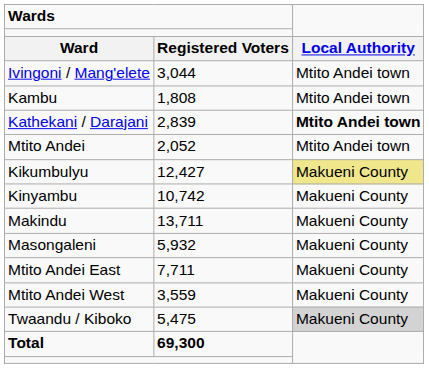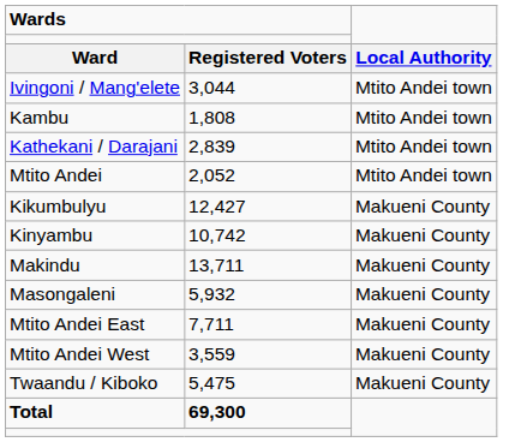 <table class="wikitable">
 <tr>
 <td colspan="2"><strong>Wards</strong></td>
 </tr>
 <tr>
 <td colspan="2"></td>
 </tr>
 <tr>
 <th>Ward</th>
 <th>Registered Voters</th>
 <th><a href='#'>Local Authority</a></th>
 </tr>
 <tr>
 <td><a href='#'>Ivingoni</a> / <a href='#'>Mang'elete</a></td>
 <td>3,044</td>
 <td>Mtito Andei town</td>
 </tr>
 <tr>
 <td>Kambu</td>
 <td>1,808</td>
 <td>Mtito Andei town</td>
 </tr>
 <tr>
 <td><a href='#'>Kathekani</a> / <a href='#'>Darajani</a></td>
 <td>2,839</td>
-<td><strong>Mtito Andei town</strong></td>
+<td>Mtito Andei town</td>
 </tr>
 <tr>
 <td>Mtito Andei</td>
 <td>2,052</td>
 <td>Mtito Andei town</td>
 </tr>
 <tr>
 <td>Kikumbulyu</td>
 <td>12,427</td>
-<td style="background: khaki;">Makueni County</td>
+<td>Makueni County</td>
 </tr>
 <tr>
 <td>Kinyambu</td>
 <td>10,742</td>
 <td>Makueni County</td>
 </tr>
 <tr>
 <td>Makindu</td>
 <td>13,711</td>
 <td>Makueni County</td>
 </tr>
 <tr>
 <td>Masongaleni</td>
 <td>5,932</td>
 <td>Makueni County</td>
 </tr>
 <tr>
 <td>Mtito Andei East</td>
 <td>7,711</td>
 <td>Makueni County</td>
 </tr>
 <tr>
 <td>Mtito Andei West</td>
 <td>3,559</td>
 <td>Makueni County</td>
 </tr>
 <tr>
 <td>Twaandu / Kiboko</td>
 <td>5,475</td>
-<td style="background: lightgrey;">Makueni County</td>
+<td>Makueni County</td>
 </tr>
 <tr>
 <td><strong>Total</strong></td>
 <td><strong>69,300</strong></td>
 </tr>
 <tr>
 <td colspan="2"></td>
 </tr>
 </table>
